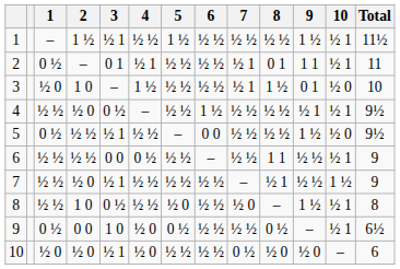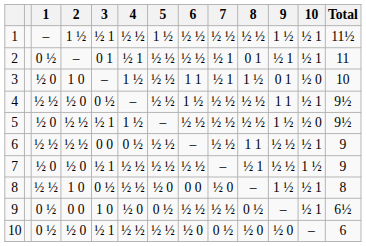 <table class="wikitable" style="margin-left:4em;">
 <tr>
 <th></th>
 <th></th>
 <th>1</th>
 <th>2</th>
 <th>3</th>
 <th>4</th>
 <th>5</th>
 <th>6</th>
 <th>7</th>
 <th>8</th>
 <th>9</th>
 <th>10</th>
 <th>Total</th>
 </tr>
 <tr align=center>
 <td>1</td>
 <td align=left></td>
 <td>–</td>
 <td>1 ½</td>
 <td>½ 1</td>
 <td>½ ½</td>
 <td>1 ½</td>
 <td>½ ½</td>
 <td>½ ½</td>
 <td>½ ½</td>
 <td>1 ½</td>
 <td>½ 1</td>
 <td>11½</td>
 </tr>
 <tr align=center>
 <td>2</td>
 <td align=left></td>
 <td>0 ½</td>
 <td>–</td>
 <td>0 1</td>
 <td>½ 1</td>
 <td>½ ½</td>
 <td>½ ½</td>
 <td>½ 1</td>
 <td>0 1</td>
-<td>1 1</td>
+<td>½ 1</td>
 <td>½ 1</td>
 <td>11</td>
 </tr>
 <tr align=center>
 <td>3</td>
 <td align=left></td>
 <td>½ 0</td>
 <td>1 0</td>
 <td>–</td>
 <td>1 ½</td>
 <td>½ ½</td>
-<td>½ ½</td>
+<td>1 1</td>
 <td>½ 1</td>
 <td>1 ½</td>
 <td>0 1</td>
 <td>½ 0</td>
 <td>10</td>
 </tr>
 <tr align=center>
 <td>4</td>
 <td align=left></td>
 <td>½ ½</td>
 <td>½ 0</td>
 <td>0 ½</td>
 <td>–</td>
 <td>½ ½</td>
 <td>1 ½</td>
 <td>½ ½</td>
 <td>½ ½</td>
-<td>½ 1</td>
+<td>1 1</td>
 <td>½ 1</td>
 <td>9½</td>
 </tr>
 <tr align=center>
 <td>5</td>
 <td align=left></td>
-<td>0 ½</td>
+<td>½ 0</td>
 <td>½ ½</td>
 <td>½ 1</td>
+<td>1 ½</td>
+<td>–</td>
 <td>½ ½</td>
-<td>–</td>
-<td>0 0</td>
 <td>½ ½</td>
 <td>½ ½</td>
 <td>1 ½</td>
 <td>½ 0</td>
 <td>9½</td>
 </tr>
 <tr align=center>
 <td>6</td>
 <td align=left></td>
 <td>½ ½</td>
 <td>½ ½</td>
 <td>0 0</td>
 <td>0 ½</td>
 <td>½ ½</td>
 <td>–</td>
 <td>½ ½</td>
 <td>1 1</td>
 <td>½ ½</td>
 <td>½ 1</td>
 <td>9</td>
 </tr>
 <tr align=center>
 <td>7</td>
 <td align=left></td>
-<td>½ ½</td>
+<td>½ 0</td>
 <td>½ 0</td>
 <td>½ 1</td>
 <td>½ ½</td>
 <td>½ ½</td>
 <td>½ ½</td>
 <td>–</td>
 <td>½ 1</td>
 <td>½ ½</td>
 <td>1 ½</td>
 <td>9</td>
 </tr>
 <tr align=center>
 <td>8</td>
 <td align=left></td>
 <td>½ ½</td>
 <td>1 0</td>
 <td>0 ½</td>
 <td>½ ½</td>
 <td>½ 0</td>
-<td>½ ½</td>
+<td>0 0</td>
 <td>½ 0</td>
 <td>–</td>
 <td>1 ½</td>
 <td>½ 1</td>
 <td>8</td>
 </tr>
 <tr align=center>
 <td>9</td>
 <td align=left></td>
 <td>0 ½</td>
 <td>0 0</td>
 <td>1 0</td>
 <td>½ 0</td>
 <td>0 ½</td>
 <td>½ ½</td>
 <td>½ ½</td>
 <td>0 ½</td>
 <td>–</td>
 <td>½ 1</td>
 <td>6½</td>
 </tr>
 <tr align=center>
 <td>10</td>
 <td align=left></td>
-<td>½ 0</td>
+<td>0 ½</td>
 <td>½ 0</td>
 <td>½ 1</td>
-<td>½ 0</td>
 <td>½ ½</td>
 <td>½ ½</td>
+<td>½ 0</td>
 <td>0 ½</td>
 <td>½ 0</td>
 <td>½ 0</td>
 <td>–</td>
 <td>6</td>
 </tr>
 </table>
